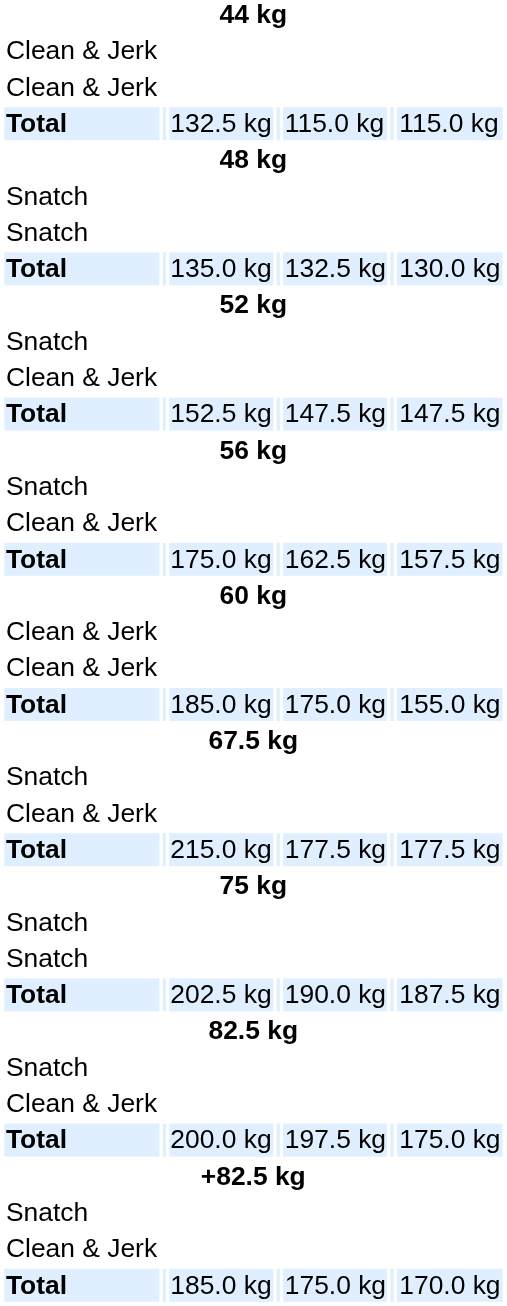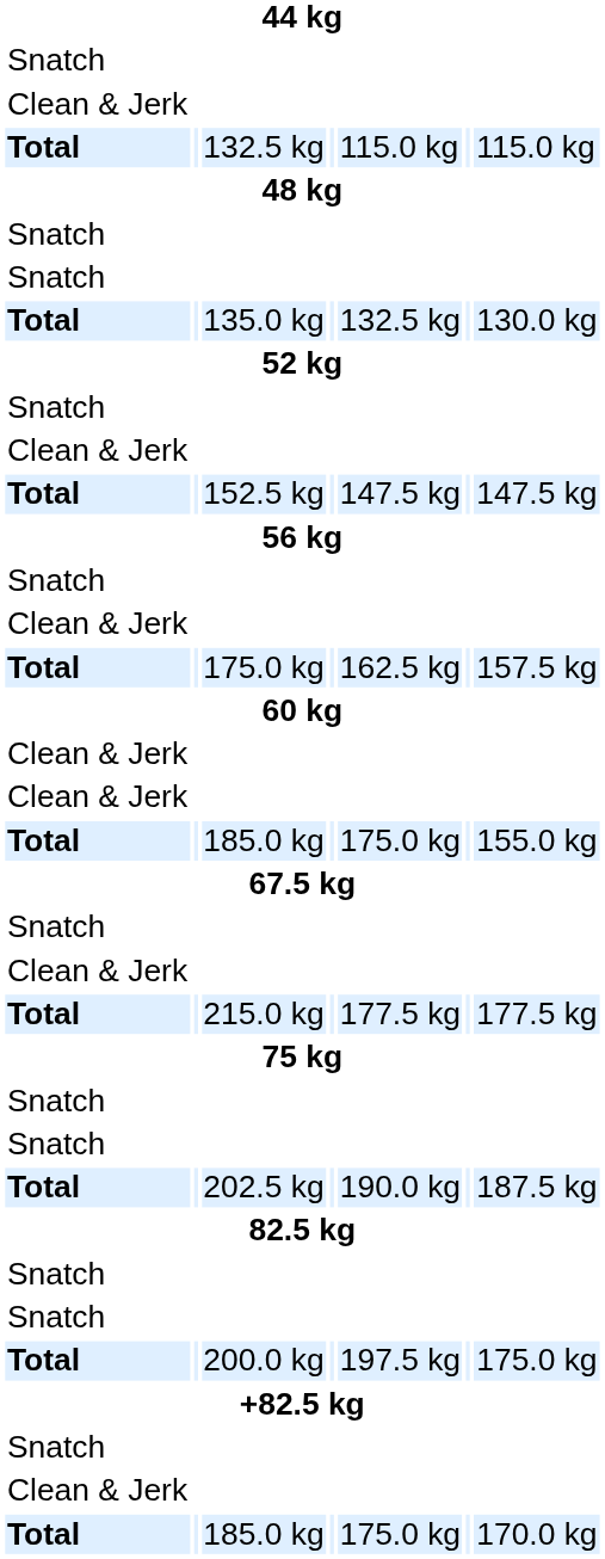 <table>
 <tr>
 <th colspan=7>44 kg</th>
 </tr>
 <tr>
-<td>Clean & Jerk</td>
+<td>Snatch</td>
 <td></td>
 <td></td>
 <td></td>
 <td></td>
 <td></td>
 <td></td>
 </tr>
 <tr>
 <td>Clean & Jerk</td>
 <td></td>
 <td></td>
 <td></td>
 <td></td>
 <td></td>
 <td></td>
 </tr>
 <tr bgcolor=#dfefff>
 <td><strong>Total</strong></td>
 <td></td>
 <td>132.5 kg</td>
 <td></td>
 <td>115.0 kg</td>
 <td></td>
 <td>115.0 kg</td>
 </tr>
 <tr>
 <th colspan=7>48 kg</th>
 </tr>
 <tr>
 <td>Snatch</td>
 <td></td>
 <td></td>
 <td></td>
 <td></td>
 <td></td>
 <td></td>
 </tr>
 <tr>
 <td>Snatch</td>
 <td></td>
 <td></td>
 <td></td>
 <td></td>
 <td></td>
 <td></td>
 </tr>
 <tr bgcolor=#dfefff>
 <td><strong>Total</strong></td>
 <td></td>
 <td>135.0 kg</td>
 <td></td>
 <td>132.5 kg</td>
 <td></td>
 <td>130.0 kg</td>
 </tr>
 <tr>
 <th colspan=7>52 kg</th>
 </tr>
 <tr>
 <td>Snatch</td>
 <td></td>
 <td></td>
 <td></td>
 <td></td>
 <td></td>
 <td></td>
 </tr>
 <tr>
 <td>Clean & Jerk</td>
 <td></td>
 <td></td>
 <td></td>
 <td></td>
 <td></td>
 <td></td>
 </tr>
 <tr bgcolor=#dfefff>
 <td><strong>Total</strong></td>
 <td></td>
 <td>152.5 kg</td>
 <td></td>
 <td>147.5 kg</td>
 <td></td>
 <td>147.5 kg</td>
 </tr>
 <tr>
 <th colspan=7>56 kg</th>
 </tr>
 <tr>
 <td>Snatch</td>
 <td></td>
 <td></td>
 <td></td>
 <td></td>
 <td></td>
 <td></td>
 </tr>
 <tr>
 <td>Clean & Jerk</td>
 <td></td>
 <td></td>
 <td></td>
 <td></td>
 <td></td>
 <td></td>
 </tr>
 <tr bgcolor=#dfefff>
 <td><strong>Total</strong></td>
 <td></td>
 <td>175.0 kg</td>
 <td></td>
 <td>162.5 kg</td>
 <td></td>
 <td>157.5 kg</td>
 </tr>
 <tr>
 <th colspan=7>60 kg</th>
 </tr>
 <tr>
 <td>Clean & Jerk</td>
 <td></td>
 <td></td>
 <td></td>
 <td></td>
 <td></td>
 <td></td>
 </tr>
 <tr>
 <td>Clean & Jerk</td>
 <td></td>
 <td></td>
 <td></td>
 <td></td>
 <td></td>
 <td></td>
 </tr>
 <tr bgcolor=#dfefff>
 <td><strong>Total</strong></td>
 <td></td>
 <td>185.0 kg</td>
 <td></td>
 <td>175.0 kg</td>
 <td></td>
 <td>155.0 kg</td>
 </tr>
 <tr>
 <th colspan=7>67.5 kg</th>
 </tr>
 <tr>
 <td>Snatch</td>
 <td></td>
 <td></td>
 <td></td>
 <td></td>
 <td></td>
 <td></td>
 </tr>
 <tr>
 <td>Clean & Jerk</td>
 <td></td>
 <td></td>
 <td></td>
 <td></td>
 <td></td>
 <td></td>
 </tr>
 <tr bgcolor=#dfefff>
 <td><strong>Total</strong></td>
 <td></td>
 <td>215.0 kg</td>
 <td></td>
 <td>177.5 kg</td>
 <td></td>
 <td>177.5 kg</td>
 </tr>
 <tr>
 <th colspan=7>75 kg</th>
 </tr>
 <tr>
 <td>Snatch</td>
 <td></td>
 <td></td>
 <td></td>
 <td></td>
 <td></td>
 <td></td>
 </tr>
 <tr>
 <td>Snatch</td>
 <td></td>
 <td></td>
 <td></td>
 <td></td>
 <td></td>
 <td></td>
 </tr>
 <tr bgcolor=#dfefff>
 <td><strong>Total</strong></td>
 <td></td>
 <td>202.5 kg</td>
 <td></td>
 <td>190.0 kg</td>
 <td></td>
 <td>187.5 kg</td>
 </tr>
 <tr>
 <th colspan=7>82.5 kg</th>
 </tr>
 <tr>
 <td>Snatch</td>
 <td></td>
 <td></td>
 <td></td>
 <td></td>
 <td></td>
 <td></td>
 </tr>
 <tr>
-<td>Clean & Jerk</td>
+<td>Snatch</td>
 <td></td>
 <td></td>
 <td></td>
 <td></td>
 <td></td>
 <td></td>
 </tr>
 <tr bgcolor=#dfefff>
 <td><strong>Total</strong></td>
 <td></td>
 <td>200.0 kg</td>
 <td></td>
 <td>197.5 kg</td>
 <td></td>
 <td>175.0 kg</td>
 </tr>
 <tr>
 <th colspan=7>+82.5 kg</th>
 </tr>
 <tr>
 <td>Snatch</td>
 <td></td>
 <td></td>
 <td></td>
 <td></td>
 <td></td>
 <td></td>
 </tr>
 <tr>
 <td>Clean & Jerk</td>
 <td></td>
 <td></td>
 <td></td>
 <td></td>
 <td></td>
 <td></td>
 </tr>
 <tr bgcolor=#dfefff>
 <td><strong>Total</strong></td>
 <td></td>
 <td>185.0 kg</td>
 <td></td>
 <td>175.0 kg</td>
 <td></td>
 <td>170.0 kg</td>
 </tr>
 </table>
